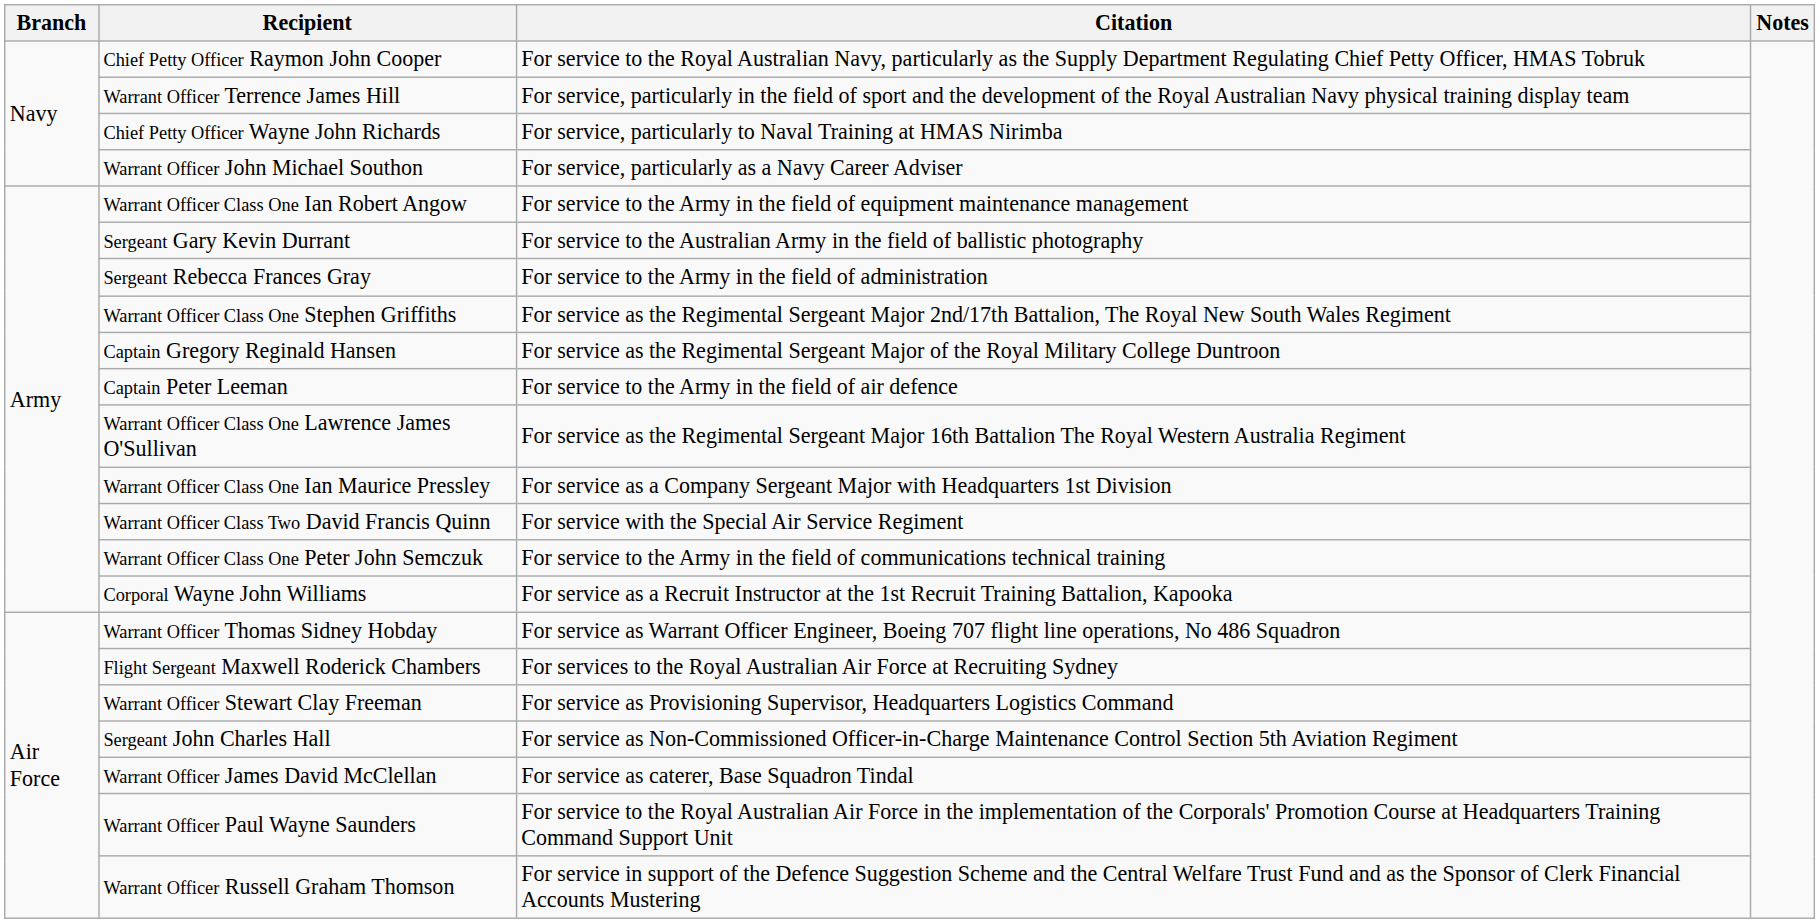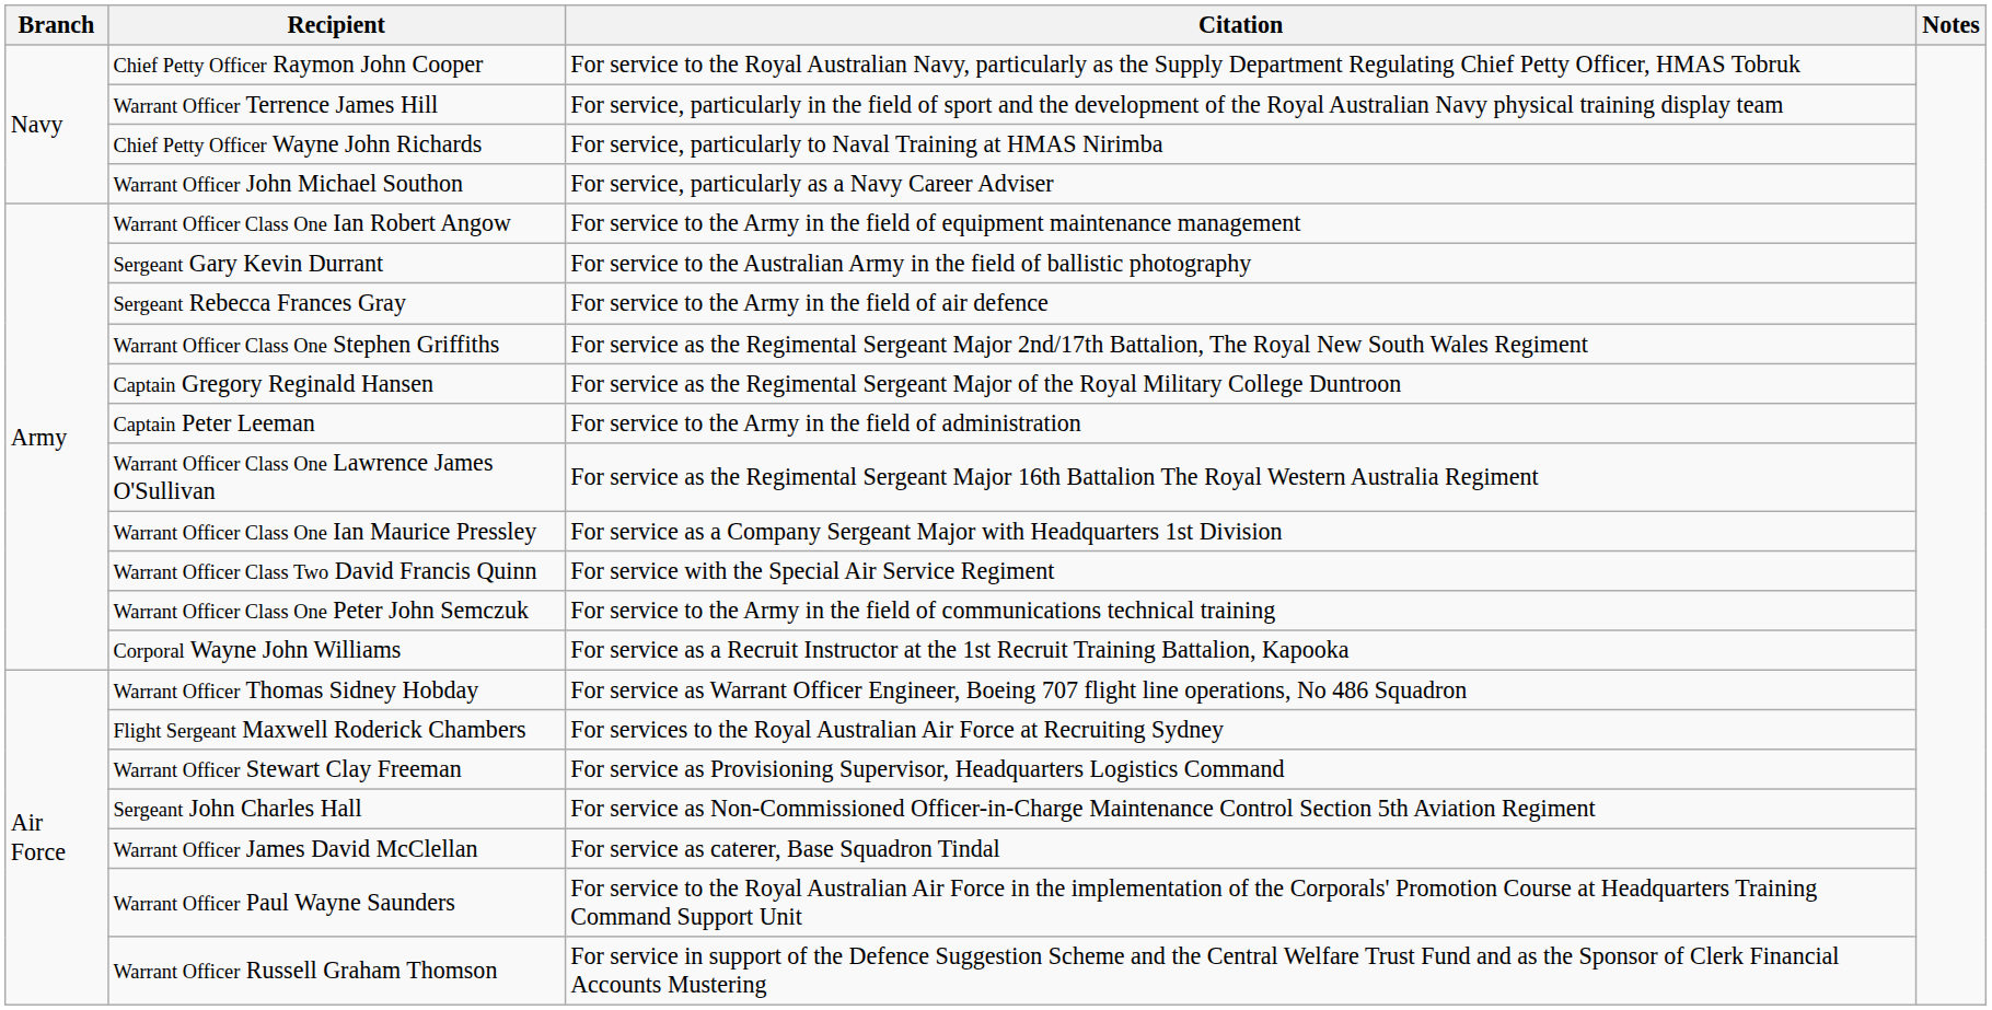 <table class="wikitable" style="font-size:95%;">
 <tr>
 <th>Branch</th>
 <th>Recipient</th>
 <th>Citation</th>
 <th>Notes</th>
 </tr>
 <tr>
 <td rowspan="4">Navy</td>
 <td><small>Chief Petty Officer</small> Raymon John Cooper</td>
 <td>For service to the Royal Australian Navy, particularly as the Supply Department Regulating Chief Petty Officer, HMAS Tobruk</td>
 <td rowspan="22"></td>
 </tr>
 <tr>
 <td><small>Warrant Officer</small> Terrence James Hill</td>
 <td>For service, particularly in the field of sport and the development of the Royal Australian Navy physical training display team</td>
 </tr>
 <tr>
 <td><small>Chief Petty Officer</small> Wayne John Richards</td>
 <td>For service, particularly to Naval Training at HMAS Nirimba</td>
 </tr>
 <tr>
 <td><small>Warrant Officer</small> John Michael Southon</td>
 <td>For service, particularly as a Navy Career Adviser</td>
 </tr>
 <tr>
 <td rowspan="11">Army</td>
 <td><small>Warrant Officer Class One</small> Ian Robert Angow</td>
 <td>For service to the Army in the field of equipment maintenance management</td>
 </tr>
 <tr>
 <td><small>Sergeant</small> Gary Kevin Durrant</td>
 <td>For service to the Australian Army in the field of ballistic photography</td>
 </tr>
 <tr>
 <td><small>Sergeant</small> Rebecca Frances Gray</td>
-<td>For service to the Army in the field of administration</td>
+<td>For service to the Army in the field of air defence</td>
 </tr>
 <tr>
 <td><small>Warrant Officer Class One</small> Stephen Griffiths</td>
 <td>For service as the Regimental Sergeant Major 2nd/17th Battalion, The Royal New South Wales Regiment</td>
 </tr>
 <tr>
 <td><small>Captain</small> Gregory Reginald Hansen</td>
 <td>For service as the Regimental Sergeant Major of the Royal Military College Duntroon</td>
 </tr>
 <tr>
 <td><small>Captain</small> Peter Leeman</td>
-<td>For service to the Army in the field of air defence</td>
+<td>For service to the Army in the field of administration</td>
 </tr>
 <tr>
 <td><small>Warrant Officer Class One</small> Lawrence James O'Sullivan</td>
 <td>For service as the Regimental Sergeant Major 16th Battalion The Royal Western Australia Regiment</td>
 </tr>
 <tr>
 <td><small>Warrant Officer Class One</small> Ian Maurice Pressley</td>
 <td>For service as a Company Sergeant Major with Headquarters 1st Division</td>
 </tr>
 <tr>
 <td><small>Warrant Officer Class Two</small> David Francis Quinn</td>
 <td>For service with the Special Air Service Regiment</td>
 </tr>
 <tr>
 <td><small>Warrant Officer Class One</small> Peter John Semczuk</td>
 <td>For service to the Army in the field of communications technical training</td>
 </tr>
 <tr>
 <td><small>Corporal</small> Wayne John Williams</td>
 <td>For service as a Recruit Instructor at the 1st Recruit Training Battalion, Kapooka</td>
 </tr>
 <tr>
 <td rowspan="7">Air Force</td>
 <td><small>Warrant Officer</small> Thomas Sidney Hobday</td>
 <td>For service as Warrant Officer Engineer, Boeing 707 flight line operations, No 486 Squadron</td>
 </tr>
 <tr>
 <td><small>Flight Sergeant</small> Maxwell Roderick Chambers</td>
 <td>For services to the Royal Australian Air Force at Recruiting Sydney</td>
 </tr>
 <tr>
 <td><small>Warrant Officer</small> Stewart Clay Freeman</td>
 <td>For service as Provisioning Supervisor, Headquarters Logistics Command</td>
 </tr>
 <tr>
 <td><small>Sergeant</small> John Charles Hall</td>
 <td>For service as Non-Commissioned Officer-in-Charge Maintenance Control Section 5th Aviation Regiment</td>
 </tr>
 <tr>
 <td><small>Warrant Officer</small> James David McClellan</td>
 <td>For service as caterer, Base Squadron Tindal</td>
 </tr>
 <tr>
 <td><small>Warrant Officer</small> Paul Wayne Saunders</td>
 <td>For service to the Royal Australian Air Force in the implementation of the Corporals' Promotion Course at Headquarters Training Command Support Unit</td>
 </tr>
 <tr>
 <td><small>Warrant Officer</small> Russell Graham Thomson</td>
 <td>For service in support of the Defence Suggestion Scheme and the Central Welfare Trust Fund and as the Sponsor of Clerk Financial Accounts Mustering</td>
 </tr>
 </table>
